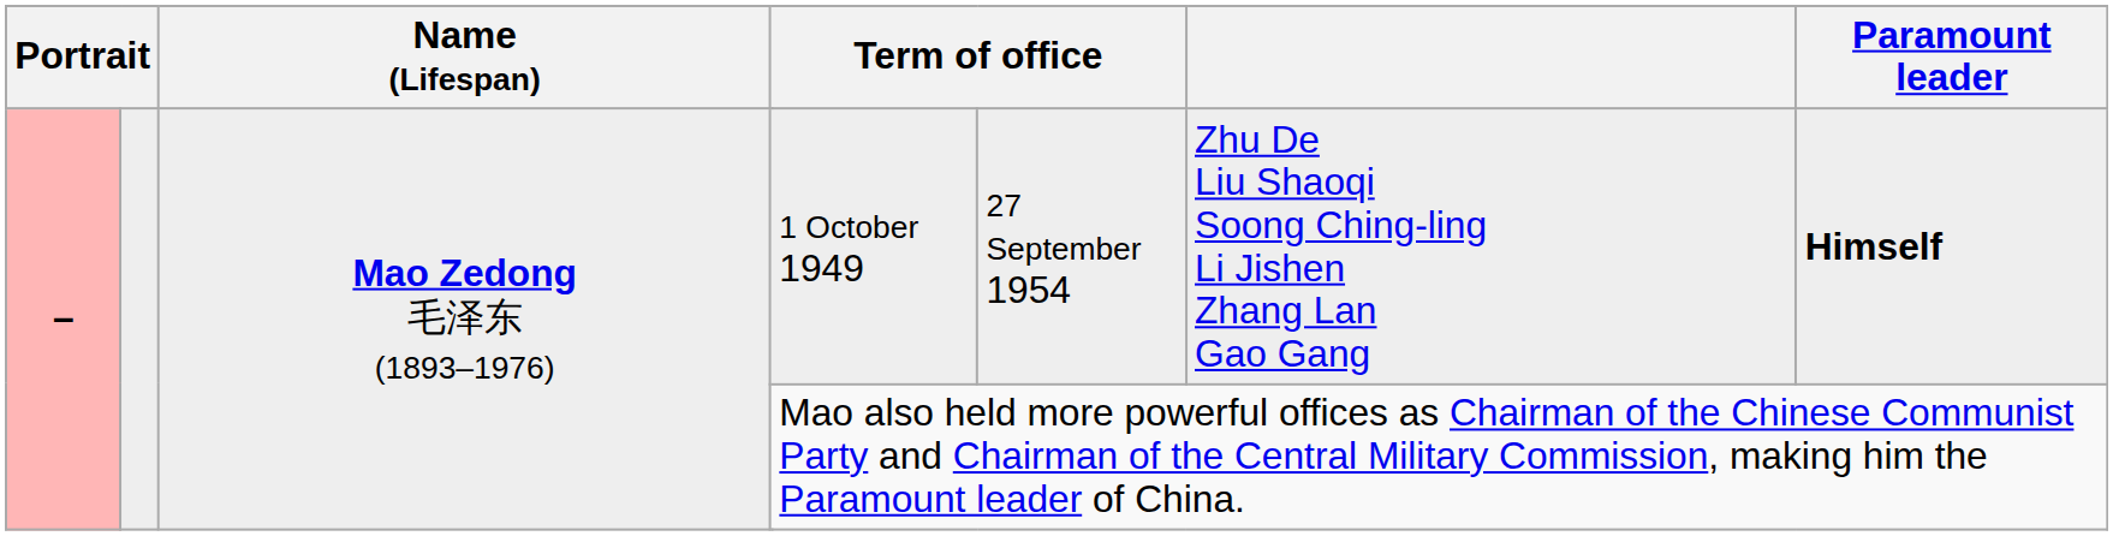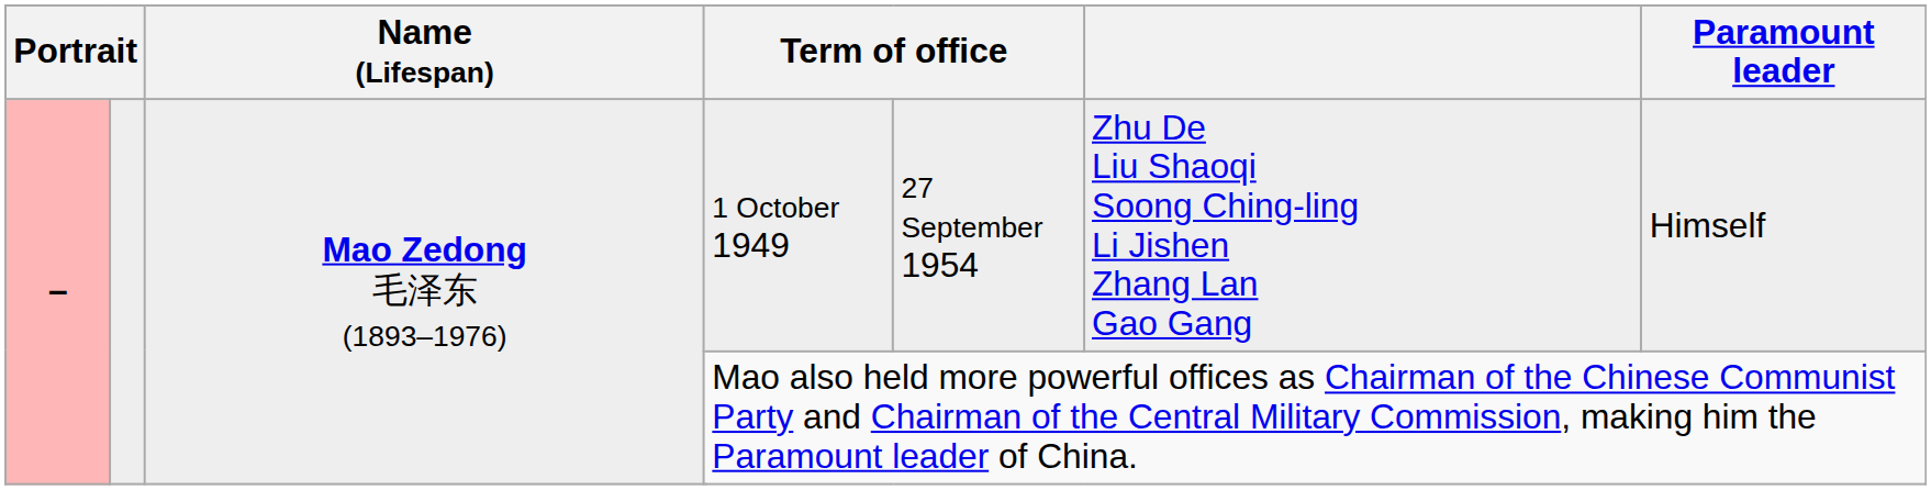 <table class="wikitable" width=100%>
 <tr>
 <th colspan="2" width=5%>Portrait</th>
 <th width=30% colspan="2">Name<br><small>(Lifespan)</small></th>
 <th colspan="2" width=30%>Term of office</th>
 <th width=30%></th>
 <th width=30%><a href='#'>Paramount leader</a></th>
 </tr>
 <tr bgcolor=#EEEEEE>
 <th rowspan ="2" ; style="background-color: #FFB6B6" width=20>–</th>
 <td rowspan ="2"></td>
 <td colspan="2" ; rowspan ="2" ; align="center"><strong><a href='#'>Mao Zedong</a></strong><br><span>毛泽东</span><br><small>(1893–1976)</small></td>
 <td width=10%><small>1 October</small> 1949</td>
 <td width=10%><small>27 September</small> 1954</td>
 <td><a href='#'>Zhu De</a><br><a href='#'>Liu Shaoqi</a><br><a href='#'>Soong Ching-ling</a><br><a href='#'>Li Jishen</a><br><a href='#'>Zhang Lan</a><br><a href='#'>Gao Gang</a></td>
-<td><strong>Himself</strong></td>
+<td>Himself</td>
 </tr>
 <tr>
 <td colspan="6">Mao also held more powerful offices as <a href='#'>Chairman of the Chinese Communist Party</a> and <a href='#'>Chairman of the Central Military Commission</a>, making him the <a href='#'>Paramount leader</a> of China.</td>
 </tr>
 </table>
